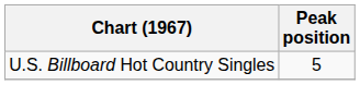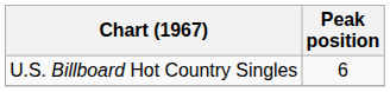 <table class="wikitable sortable">
 <tr>
 <th align="left">Chart (1967)</th>
 <th align="center">Peak<br>position</th>
 </tr>
 <tr>
 <td align="left">U.S. <em>Billboard</em> Hot Country Singles</td>
-<td align="center">5</td>
+<td align="center">6</td>
 </tr>
 <tr>
 </tr>
 </table>
